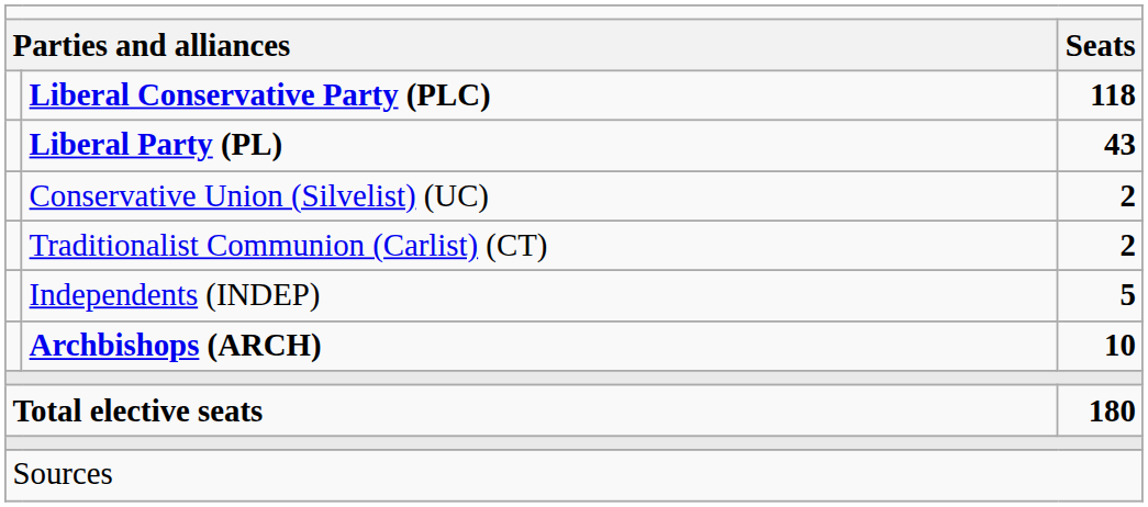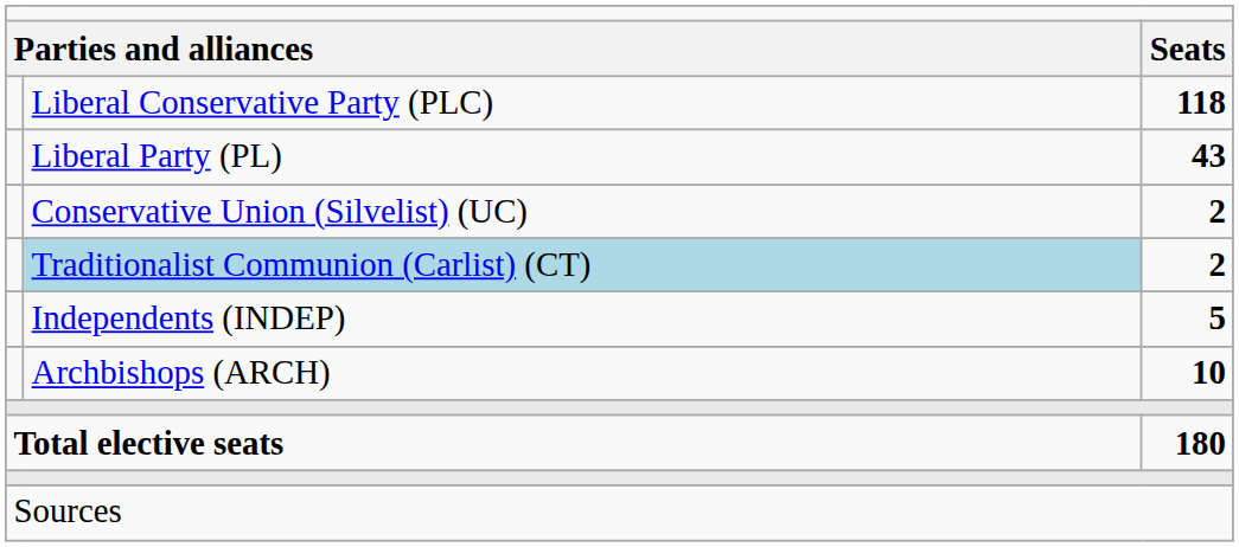 <table class="wikitable" style="text-align:right;">
 <tr>
 <td colspan="3"></td>
 </tr>
 <tr>
 <th style="text-align:left;" colspan="2" width="525">Parties and alliances</th>
 <th width="35">Seats</th>
 </tr>
 <tr>
 <td width="1" style="color:inherit;background:"></td>
-<td align="left"><strong><a href='#'>Liberal Conservative Party</a> (PLC)</strong></td>
+<td align="left"><a href='#'>Liberal Conservative Party</a> (PLC)</td>
 <td><strong>118</strong></td>
 </tr>
 <tr>
 <td style="color:inherit;background:"></td>
-<td align="left"><strong><a href='#'>Liberal Party</a> (PL)</strong></td>
+<td align="left"><a href='#'>Liberal Party</a> (PL)</td>
 <td><strong>43</strong></td>
 </tr>
 <tr>
 <td style="color:inherit;background:"></td>
 <td align="left"><a href='#'>Conservative Union (Silvelist)</a> (UC)</td>
 <td><strong>2</strong></td>
 </tr>
 <tr>
 <td style="color:inherit;background:"></td>
-<td align="left"><a href='#'>Traditionalist Communion (Carlist)</a> (CT)</td>
+<td align="left" style="background: lightblue;"><a href='#'>Traditionalist Communion (Carlist)</a> (CT)</td>
 <td><strong>2</strong></td>
 </tr>
 <tr>
 <td style="color:inherit;background:"></td>
 <td align="left"><a href='#'>Independents</a> (INDEP)</td>
 <td><strong>5</strong></td>
 </tr>
 <tr>
 <td style="color:inherit;background:"></td>
-<td align="left"><strong><a href='#'>Archbishops</a> (ARCH)</strong></td>
+<td align="left"><a href='#'>Archbishops</a> (ARCH)</td>
 <td><strong>10</strong></td>
 </tr>
 <tr>
 <td colspan="3" bgcolor="#E9E9E9"></td>
 </tr>
 <tr style="font-weight:bold;">
 <td align="left" colspan="2">Total elective seats</td>
 <td>180</td>
 </tr>
 <tr>
 <td colspan="3" bgcolor="#E9E9E9"></td>
 </tr>
 <tr>
 <td align="left" colspan="3">Sources</td>
 </tr>
 </table>
